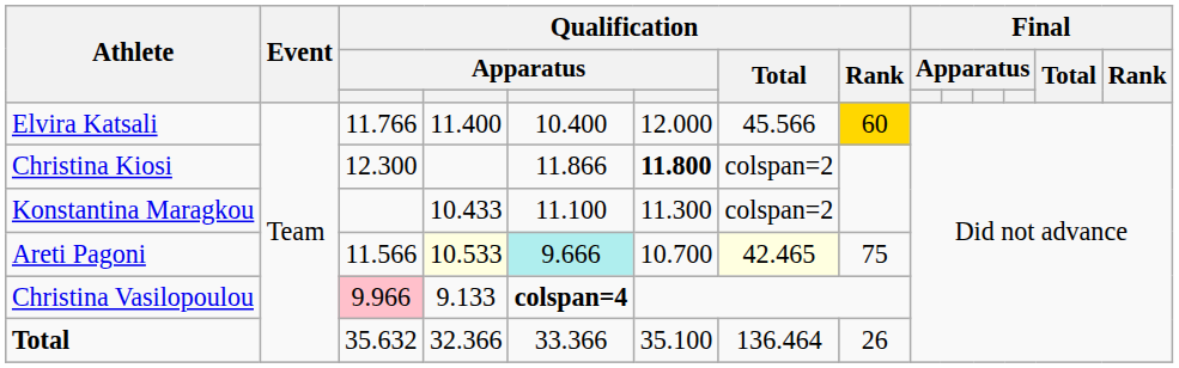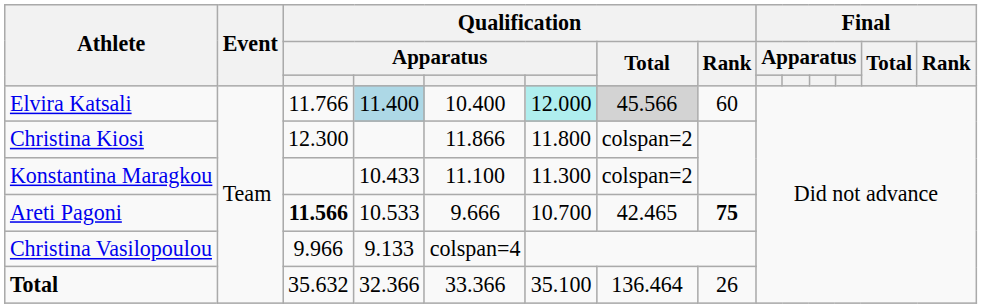 <table class="wikitable" style="font-size:90%">
 <tr>
 <th rowspan=3>Athlete</th>
 <th rowspan=3>Event</th>
 <th colspan=6>Qualification</th>
 <th colspan=6>Final</th>
 </tr>
 <tr style="font-size:95%">
 <th colspan=4>Apparatus</th>
 <th rowspan=2>Total</th>
 <th rowspan=2>Rank</th>
 <th colspan=4>Apparatus</th>
 <th rowspan=2>Total</th>
 <th rowspan=2>Rank</th>
 </tr>
 <tr style="font-size:95%">
 <th></th>
 <th></th>
 <th></th>
 <th></th>
 <th></th>
 <th></th>
 <th></th>
 <th></th>
 </tr>
 <tr align=center>
 <td align=left><a href='#'>Elvira Katsali</a></td>
 <td align=left rowspan=6>Team</td>
 <td>11.766</td>
-<td>11.400</td>
+<td style="background: lightblue;">11.400</td>
 <td>10.400</td>
-<td>12.000</td>
-<td>45.566</td>
-<td style="background: gold;">60</td>
+<td style="background: paleturquoise;">12.000</td>
+<td style="background: lightgrey;">45.566</td>
+<td>60</td>
 <td rowspan=6 colspan=6>Did not advance</td>
 </tr>
 <tr align=center>
 <td align=left><a href='#'>Christina Kiosi</a></td>
 <td>12.300</td>
 <td></td>
 <td>11.866</td>
-<td><strong>11.800</strong></td>
+<td>11.800</td>
 <td>colspan=2</td>
 </tr>
 <tr align=center>
 <td align=left><a href='#'>Konstantina Maragkou</a></td>
 <td></td>
 <td>10.433</td>
 <td>11.100</td>
 <td>11.300</td>
 <td>colspan=2</td>
 </tr>
 <tr align=center>
 <td align=left><a href='#'>Areti Pagoni</a></td>
-<td>11.566</td>
-<td style="background: lightyellow;">10.533</td>
-<td style="background: paleturquoise;">9.666</td>
+<td><strong>11.566</strong></td>
+<td>10.533</td>
+<td>9.666</td>
 <td>10.700</td>
-<td style="background: lightyellow;">42.465</td>
-<td>75</td>
+<td>42.465</td>
+<td><strong>75</strong></td>
 </tr>
 <tr align=center>
 <td align=left><a href='#'>Christina Vasilopoulou</a></td>
-<td style="background: pink;">9.966</td>
+<td>9.966</td>
 <td>9.133</td>
-<td><strong>colspan=4</strong></td>
+<td>colspan=4</td>
 </tr>
 <tr align=center>
 <td align=left><strong>Total</strong></td>
 <td>35.632</td>
 <td>32.366</td>
 <td>33.366</td>
 <td>35.100</td>
 <td>136.464</td>
 <td>26</td>
 </tr>
 </table>
